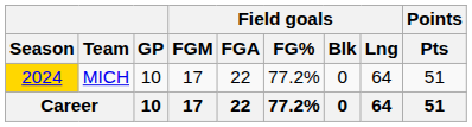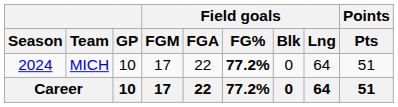 <table class="wikitable" style="text-align:center;">
 <tr>
 <th colspan=3></th>
 <th colspan=5>Field goals</th>
 <th>Points</th>
 </tr>
 <tr>
 <th>Season</th>
 <th>Team</th>
 <th>GP</th>
 <th>FGM</th>
 <th>FGA</th>
 <th>FG%</th>
 <th>Blk</th>
 <th>Lng</th>
 <th>Pts</th>
 </tr>
 <tr>
-<td style="background: gold;"><a href='#'>2024</a></td>
+<td><a href='#'>2024</a></td>
 <td><a href='#'>MICH</a></td>
 <td>10</td>
 <td>17</td>
 <td>22</td>
-<td>77.2%</td>
+<td><strong>77.2%</strong></td>
 <td>0</td>
 <td>64</td>
 <td>51</td>
 </tr>
 <tr>
 <th colspan="2">Career</th>
 <th>10</th>
 <th>17</th>
 <th>22</th>
 <th>77.2%</th>
 <th>0</th>
 <th>64</th>
 <th>51</th>
 </tr>
 </table>
